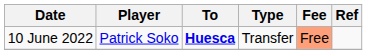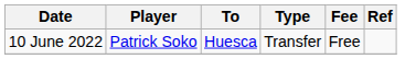 <table class="wikitable">
 <tr>
 <th>Date</th>
 <th>Player</th>
 <th>To</th>
 <th>Type</th>
 <th>Fee</th>
 <th>Ref</th>
 </tr>
 <tr>
 <td>10 June 2022</td>
 <td> <a href='#'>Patrick Soko</a></td>
-<td><strong><a href='#'>Huesca</a></strong></td>
+<td><a href='#'>Huesca</a></td>
 <td align=center>Transfer</td>
-<td align=center style="background: lightsalmon;">Free</td>
+<td align=center>Free</td>
 <td align=center></td>
 </tr>
 <tr>
 </tr>
 </table>
